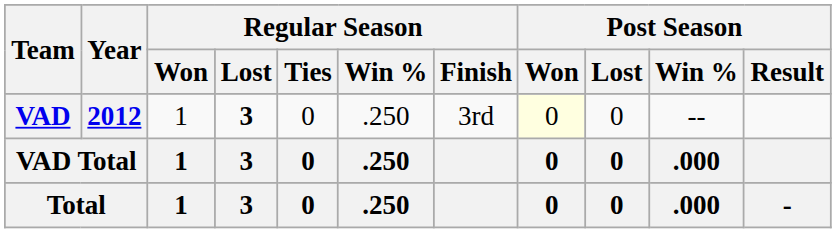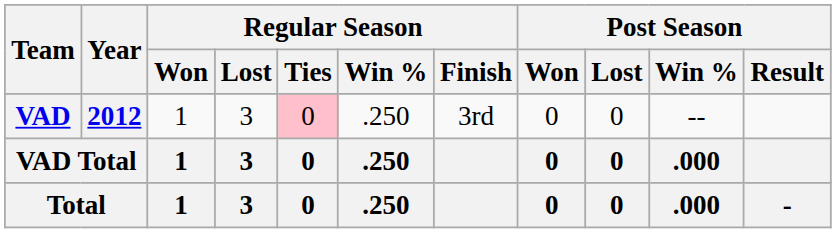 <table class="wikitable" style="font-size: 95%; text-align:center;">
 <tr>
 <th rowspan="2">Team</th>
 <th rowspan="2">Year</th>
 <th colspan="5">Regular Season</th>
 <th colspan="4">Post Season</th>
 </tr>
 <tr>
 <th>Won</th>
 <th>Lost</th>
 <th>Ties</th>
 <th>Win %</th>
 <th>Finish</th>
 <th>Won</th>
 <th>Lost</th>
 <th>Win %</th>
 <th>Result</th>
 </tr>
 <tr>
 <th><a href='#'>VAD</a></th>
 <th><a href='#'>2012</a></th>
 <td>1</td>
-<td><strong>3</strong></td>
-<td>0</td>
+<td>3</td>
+<td style="background: pink;">0</td>
 <td>.250</td>
 <td>3rd</td>
-<td style="background: lightyellow;">0</td>
+<td>0</td>
 <td>0</td>
 <td>--</td>
 <td></td>
 </tr>
 <tr>
 <th colspan="2">VAD Total</th>
 <th>1</th>
 <th>3</th>
 <th>0</th>
 <th>.250</th>
 <th></th>
 <th>0</th>
 <th>0</th>
 <th>.000</th>
 <th></th>
 </tr>
 <tr>
 <th colspan="2">Total</th>
 <th>1</th>
 <th>3</th>
 <th>0</th>
 <th>.250</th>
 <th></th>
 <th>0</th>
 <th>0</th>
 <th>.000</th>
 <th>-</th>
 </tr>
 </table>
